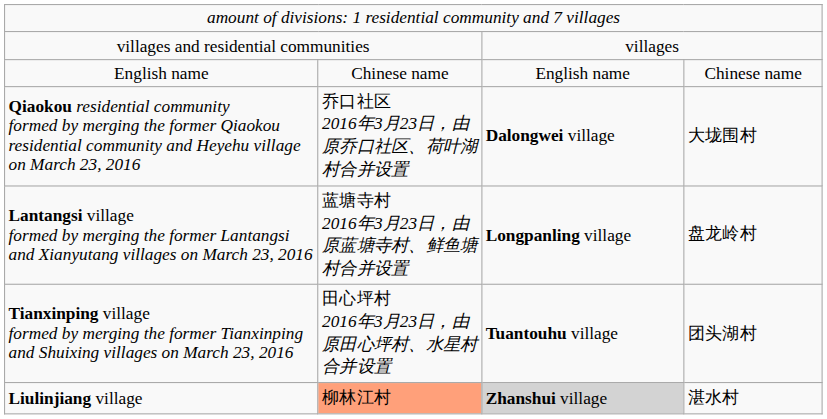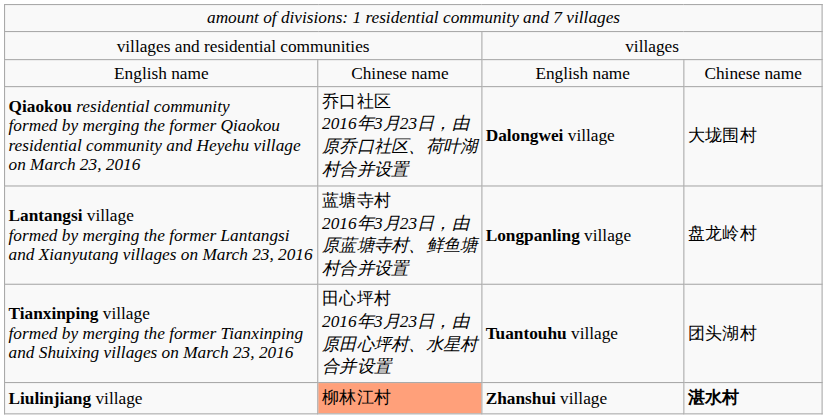 <table class="wikitable" width=60%>
 <tr align=center>
 <td align=center colspan=4 width=60%><em>amount of divisions: 1 residential community and 7 villages</em></td>
 </tr>
 <tr align=center>
 <td align=center colspan=2 width=35%>villages and residential communities</td>
 <td align=center colspan=2 width=25%>villages</td>
 </tr>
 <tr align=center>
 <td>English name</td>
 <td>Chinese name</td>
 <td>English name</td>
 <td>Chinese name</td>
 </tr>
 <tr align=left>
 <td width=23%><strong>Qiaokou</strong> <em>residential community<br>formed by merging the former Qiaokou residential community and Heyehu village on March 23, 2016</em></td>
 <td width=12%>乔口社区<br> <em>2016年3月23日，由原乔口社区、荷叶湖村合并设置</em></td>
 <td><strong>Dalongwei</strong> village</td>
 <td>大垅围村</td>
 </tr>
 <tr align=left>
 <td><strong>Lantangsi</strong> village <br> <em>formed by merging the former Lantangsi and Xianyutang villages on March 23, 2016</em></td>
 <td>蓝塘寺村<br> <em>2016年3月23日，由原蓝塘寺村、鲜鱼塘村合并设置</em></td>
 <td><strong>Longpanling</strong> village</td>
 <td>盘龙岭村</td>
 </tr>
 <tr align=left>
 <td><strong>Tianxinping</strong> village<br><em>formed by merging the former Tianxinping and Shuixing villages on March 23, 2016</em></td>
 <td>田心坪村<br><em>2016年3月23日，由原田心坪村、水星村合并设置</em></td>
 <td><strong>Tuantouhu</strong> village</td>
 <td>团头湖村</td>
 </tr>
 <tr align=left>
 <td><strong>Liulinjiang</strong> village</td>
 <td style="background: lightsalmon;">柳林江村</td>
-<td style="background: lightgrey;"><strong>Zhanshui</strong> village</td>
-<td>湛水村</td>
+<td><strong>Zhanshui</strong> village</td>
+<td><strong>湛水村</strong></td>
 </tr>
 </table>
